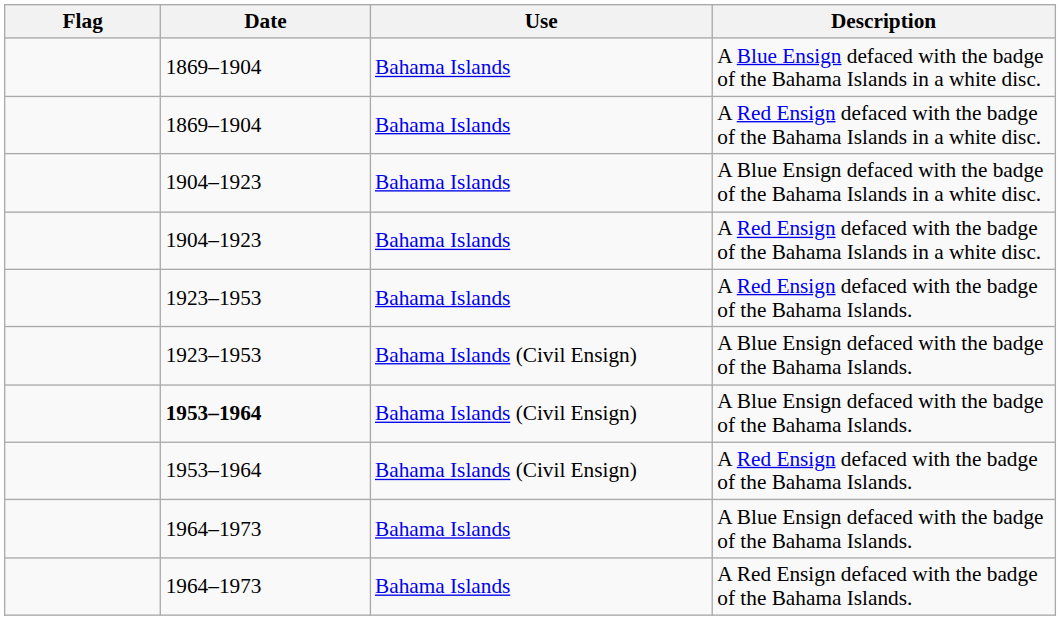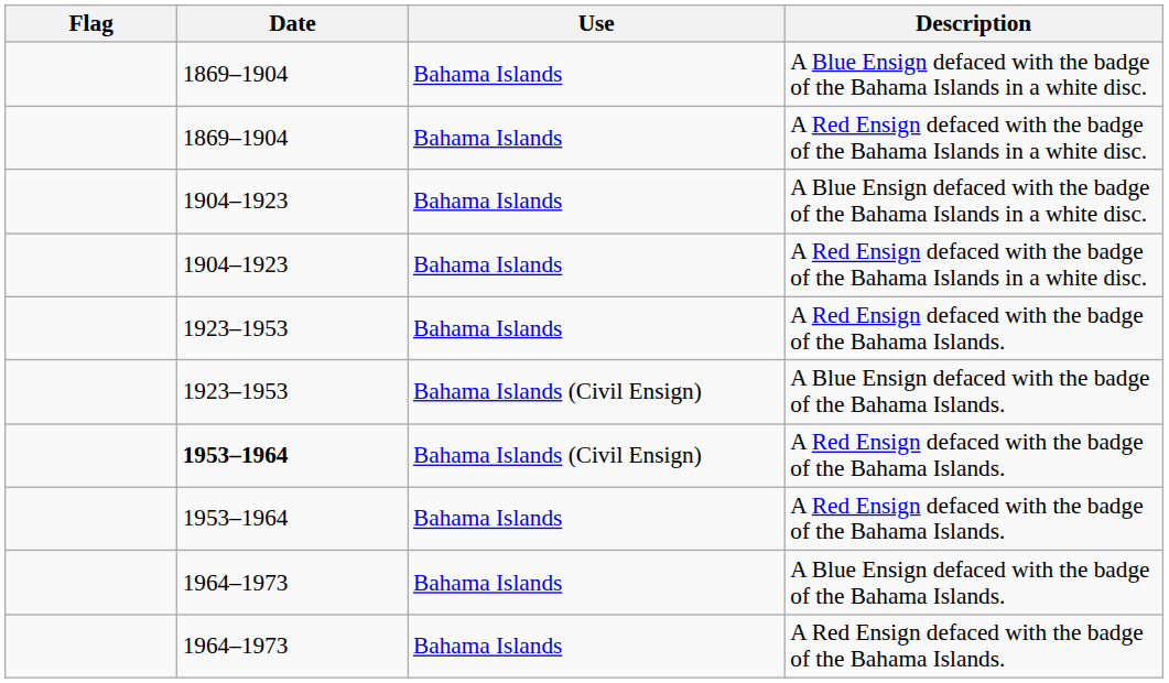 <table class="wikitable">
 <tr style="background:#efefef;">
 <th style="width:110px;">Flag</th>
 <th style="width:150px;">Date</th>
 <th style="width:250px;">Use</th>
 <th style="width:250px;">Description</th>
 </tr>
 <tr>
 <td></td>
 <td>1869–1904</td>
 <td><a href='#'>Bahama Islands</a></td>
 <td>A <a href='#'>Blue Ensign</a> defaced with the badge of the Bahama Islands in a white disc.</td>
 </tr>
 <tr>
 <td></td>
 <td>1869–1904</td>
 <td><a href='#'>Bahama Islands</a></td>
 <td>A <a href='#'>Red Ensign</a> defaced with the badge of the Bahama Islands in a white disc.</td>
 </tr>
 <tr>
 <td></td>
 <td>1904–1923</td>
 <td><a href='#'>Bahama Islands</a></td>
 <td>A Blue Ensign defaced with the badge of the Bahama Islands in a white disc.</td>
 </tr>
 <tr>
 <td></td>
 <td>1904–1923</td>
 <td><a href='#'>Bahama Islands</a></td>
 <td>A <a href='#'>Red Ensign</a> defaced with the badge of the Bahama Islands in a white disc.</td>
 </tr>
 <tr>
 <td></td>
 <td>1923–1953</td>
 <td><a href='#'>Bahama Islands</a></td>
 <td>A <a href='#'>Red Ensign</a> defaced with the badge of the Bahama Islands.</td>
 </tr>
 <tr>
 <td></td>
 <td>1923–1953</td>
 <td><a href='#'>Bahama Islands</a> (Civil Ensign)</td>
 <td>A Blue Ensign defaced with the badge of the Bahama Islands.</td>
 </tr>
 <tr>
 <td></td>
 <td><strong>1953–1964</strong></td>
 <td><a href='#'>Bahama Islands</a> (Civil Ensign)</td>
-<td>A Blue Ensign defaced with the badge of the Bahama Islands.</td>
+<td>A <a href='#'>Red Ensign</a> defaced with the badge of the Bahama Islands.</td>
 </tr>
 <tr>
 <td></td>
 <td>1953–1964</td>
-<td><a href='#'>Bahama Islands</a> (Civil Ensign)</td>
+<td><a href='#'>Bahama Islands</a></td>
 <td>A <a href='#'>Red Ensign</a> defaced with the badge of the Bahama Islands.</td>
 </tr>
 <tr>
 <td></td>
 <td>1964–1973</td>
 <td><a href='#'>Bahama Islands</a></td>
 <td>A Blue Ensign defaced with the badge of the Bahama Islands.</td>
 </tr>
 <tr>
 <td></td>
 <td>1964–1973</td>
 <td><a href='#'>Bahama Islands</a></td>
 <td>A Red Ensign defaced with the badge of the Bahama Islands.</td>
 </tr>
 </table>
